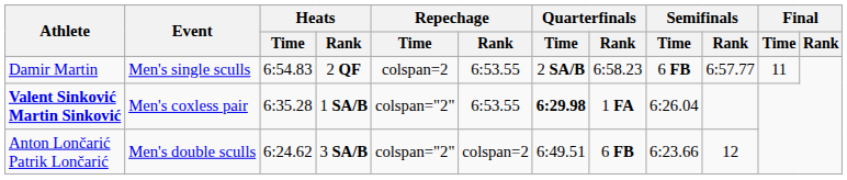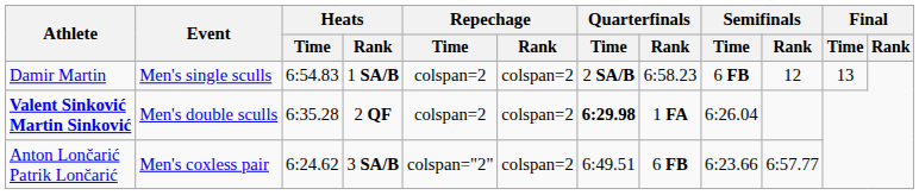 <table class=wikitable style=font-size:90%;text-align:center>
 <tr>
 <th rowspan=2>Athlete</th>
 <th rowspan=2>Event</th>
 <th colspan=2>Heats</th>
 <th colspan=2>Repechage</th>
 <th colspan=2>Quarterfinals</th>
 <th colspan=2>Semifinals</th>
 <th colspan=2>Final</th>
 </tr>
 <tr style=font-size:95%>
 <th>Time</th>
 <th>Rank</th>
 <th>Time</th>
 <th>Rank</th>
 <th>Time</th>
 <th>Rank</th>
 <th>Time</th>
 <th>Rank</th>
 <th>Time</th>
 <th>Rank</th>
 </tr>
 <tr>
 <td align=left><a href='#'>Damir Martin</a></td>
 <td align=left><a href='#'>Men's single sculls</a></td>
 <td>6:54.83</td>
-<td>2 <strong>QF</strong></td>
+<td>1 <strong>SA/B</strong></td>
 <td>colspan=2 </td>
-<td>6:53.55</td>
+<td>colspan=2 </td>
 <td>2 <strong>SA/B</strong></td>
 <td>6:58.23</td>
 <td>6 <strong>FB</strong></td>
-<td>6:57.77</td>
-<td>11</td>
+<td>12</td>
+<td>13</td>
 </tr>
 <tr>
 <td align=left><strong><a href='#'>Valent Sinković</a><br><a href='#'>Martin Sinković</a></strong></td>
-<td align=left><a href='#'>Men's coxless pair</a></td>
+<td align=left><a href='#'>Men's double sculls</a></td>
 <td>6:35.28</td>
-<td>1 <strong>SA/B</strong></td>
-<td>colspan="2" </td>
-<td>6:53.55</td>
+<td>2 <strong>QF</strong></td>
+<td>colspan=2 </td>
+<td>colspan=2 </td>
 <td><strong>6:29.98</strong></td>
 <td>1 <strong>FA</strong></td>
 <td>6:26.04</td>
 <td></td>
 </tr>
 <tr>
 <td align=left><a href='#'>Anton Lončarić</a><br><a href='#'>Patrik Lončarić</a></td>
-<td align=left><a href='#'>Men's double sculls</a></td>
+<td align=left><a href='#'>Men's coxless pair</a></td>
 <td>6:24.62</td>
 <td>3 <strong>SA/B</strong></td>
 <td>colspan="2" </td>
 <td>colspan=2 </td>
 <td>6:49.51</td>
 <td>6 <strong>FB</strong></td>
 <td>6:23.66</td>
-<td>12</td>
+<td>6:57.77</td>
 </tr>
 </table>
